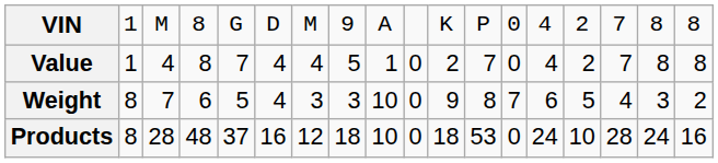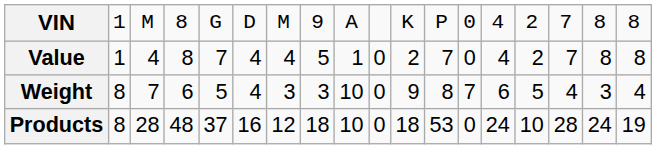 <table class="wikitable" style="text-align:right">
 <tr style="font-size:1.2em; font-family:monospace; text-align:center">
 <th style="font-size:85%; font-family:sans-serif">VIN</th>
 <td>1</td>
 <td>M</td>
 <td>8</td>
 <td>G</td>
 <td>D</td>
 <td>M</td>
 <td>9</td>
 <td>A</td>
 <td></td>
 <td>K</td>
 <td>P</td>
 <td>0</td>
 <td>4</td>
 <td>2</td>
 <td>7</td>
 <td>8</td>
 <td>8</td>
 </tr>
 <tr>
 <th>Value</th>
 <td>1</td>
 <td>4</td>
 <td>8</td>
 <td>7</td>
 <td>4</td>
 <td>4</td>
 <td>5</td>
 <td>1</td>
 <td>0</td>
 <td>2</td>
 <td>7</td>
 <td>0</td>
 <td>4</td>
 <td>2</td>
 <td>7</td>
 <td>8</td>
 <td>8</td>
 </tr>
 <tr>
 <th>Weight</th>
 <td>8</td>
 <td>7</td>
 <td>6</td>
 <td>5</td>
 <td>4</td>
 <td>3</td>
 <td>3</td>
 <td>10</td>
 <td>0</td>
 <td>9</td>
 <td>8</td>
 <td>7</td>
 <td>6</td>
 <td>5</td>
 <td>4</td>
 <td>3</td>
-<td>2</td>
+<td>4</td>
 </tr>
 <tr>
 <th>Products</th>
 <td>8</td>
 <td>28</td>
 <td>48</td>
 <td>37</td>
 <td>16</td>
 <td>12</td>
 <td>18</td>
 <td>10</td>
 <td>0</td>
 <td>18</td>
 <td>53</td>
 <td>0</td>
 <td>24</td>
 <td>10</td>
 <td>28</td>
 <td>24</td>
-<td>16</td>
+<td>19</td>
 </tr>
 </table>
